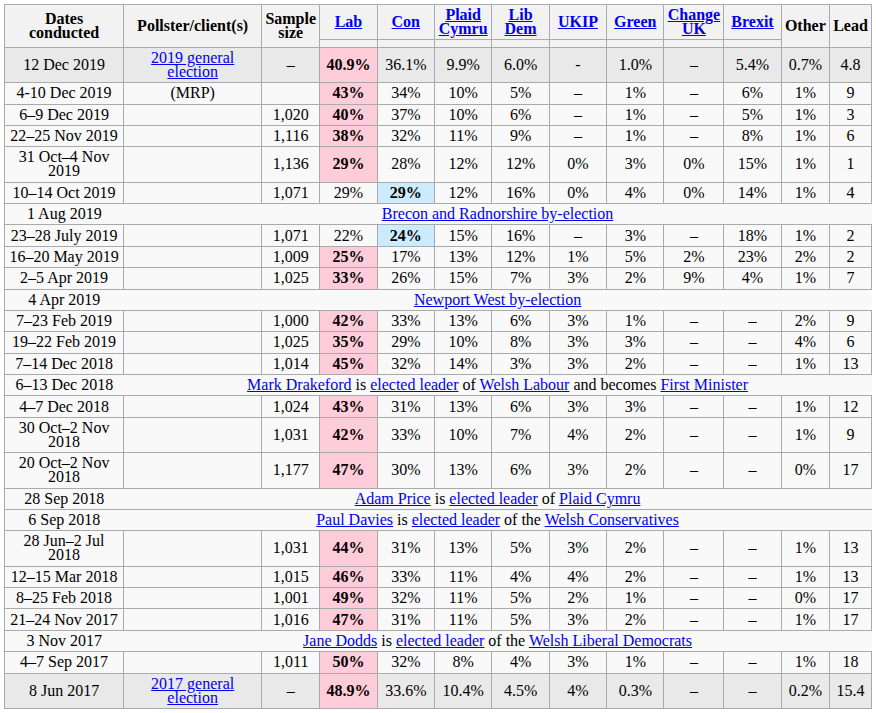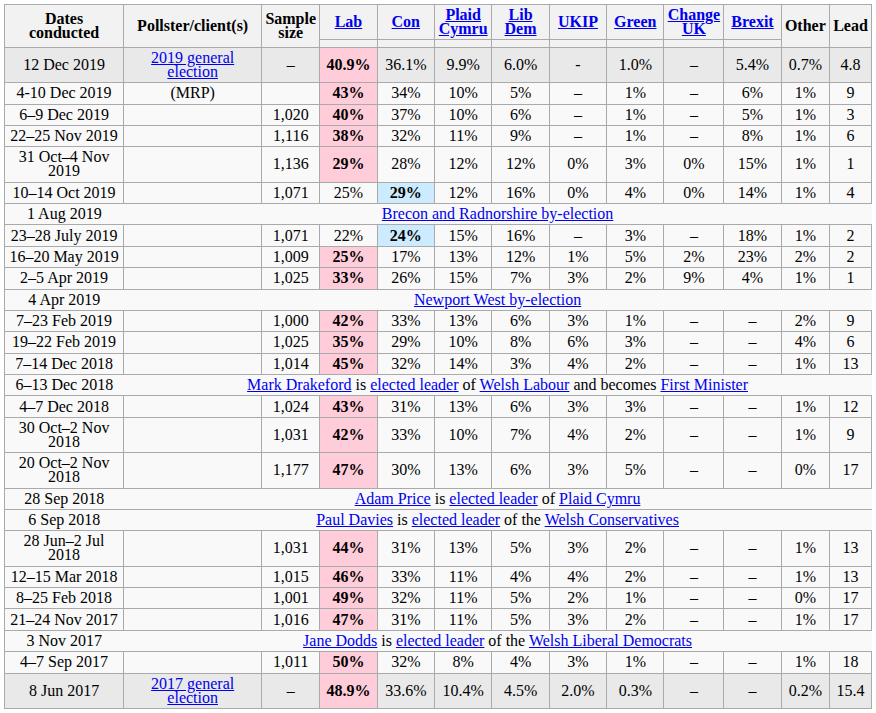 <table class="wikitable sortable mw-datatable" style="text-align:center;line-height:14px;">
 <tr>
 <th rowspan="2">Dates<br>conducted</th>
 <th rowspan="2">Pollster/client(s)</th>
 <th data-sort-type="number" rowspan="2">Sample<br>size</th>
 <th class="unsortable" style="width:50px;"><a href='#'>Lab</a></th>
 <th class="unsortable" style="width:50px;"><a href='#'>Con</a></th>
 <th class="unsortable" style="width:50px;"><a href='#'>Plaid Cymru</a></th>
 <th class="unsortable" style="width:50px;"><a href='#'>Lib Dem</a></th>
 <th class="unsortable" style="width:50px;"><a href='#'>UKIP</a></th>
 <th class="unsortable" style="width:50px;"><a href='#'>Green</a></th>
 <th class="unsortable" style="width:50px;"><a href='#'>Change UK</a></th>
 <th class="unsortable" style="width:50px;"><a href='#'>Brexit</a></th>
 <th class="unsortable" rowspan="2">Other</th>
 <th data-sort-type="number" rowspan="2">Lead</th>
 </tr>
 <tr>
 <th data-sort-type="number" style="background:"></th>
 <th data-sort-type="number" style="background:"></th>
 <th data-sort-type="number" style="background:"></th>
 <th data-sort-type="number" style="background:"></th>
 <th data-sort-type="number" style="background:"></th>
 <th data-sort-type="number" style="background:"></th>
 <th data-sort-type="number" style="background:"></th>
 <th data-sort-type="number" style="background:"></th>
 </tr>
 <tr style="background:#E9E9E9;">
 <td data-sort-value="2019-12-12">12 Dec 2019</td>
 <td><a href='#'>2019 general election</a></td>
 <td>–</td>
 <td style="background:#FFCCD9;"><strong>40.9%</strong></td>
 <td>36.1%</td>
 <td>9.9%</td>
 <td>6.0%</td>
 <td>-</td>
 <td>1.0%</td>
 <td>–</td>
 <td>5.4%</td>
 <td>0.7%</td>
 <td style="background:">4.8</td>
 </tr>
 <tr>
 <td data-sort-value="2019-12-10">4-10 Dec 2019</td>
 <td> (MRP)</td>
 <td></td>
 <td style="background:#FFCCD9;"><strong>43%</strong></td>
 <td>34%</td>
 <td>10%</td>
 <td>5%</td>
 <td>–</td>
 <td>1%</td>
 <td>–</td>
 <td>6%</td>
 <td>1%</td>
 <td style="background:">9</td>
 </tr>
 <tr>
 <td data-sort-value="2019-11-25">6–9 Dec 2019</td>
 <td></td>
 <td>1,020</td>
 <td style="background:#FFCCD9;"><strong>40%</strong></td>
 <td>37%</td>
 <td>10%</td>
 <td>6%</td>
 <td>–</td>
 <td>1%</td>
 <td>–</td>
 <td>5%</td>
 <td>1%</td>
 <td style="background:">3</td>
 </tr>
 <tr>
 <td data-sort-value="2019-11-25">22–25 Nov 2019</td>
 <td></td>
 <td>1,116</td>
 <td style="background:#FFCCD9;"><strong>38%</strong></td>
 <td>32%</td>
 <td>11%</td>
 <td>9%</td>
 <td>–</td>
 <td>1%</td>
 <td>–</td>
 <td>8%</td>
 <td>1%</td>
 <td style="background:">6</td>
 </tr>
 <tr>
 <td data-sort-value="2019-11-04">31 Oct–4 Nov 2019</td>
 <td></td>
 <td>1,136</td>
 <td style="background:#FFCCD9;"><strong>29%</strong></td>
 <td>28%</td>
 <td>12%</td>
 <td>12%</td>
 <td>0%</td>
 <td>3%</td>
 <td>0%</td>
 <td>15%</td>
 <td>1%</td>
 <td style="background:">1</td>
 </tr>
 <tr>
 <td data-sort-value="2019-10-14">10–14 Oct 2019</td>
 <td></td>
 <td>1,071</td>
-<td>29%</td>
+<td>25%</td>
 <td style="background:#CCEBFF;"><strong>29%</strong></td>
 <td>12%</td>
 <td>16%</td>
 <td>0%</td>
 <td>4%</td>
 <td>0%</td>
 <td>14%</td>
 <td>1%</td>
 <td style="background:">4</td>
 </tr>
 <tr>
 <td style="border-right-style:hidden;" data-sort-value="2019-08-01">1 Aug 2019</td>
 <td colspan="12" style="border-right-style:hidden;"><a href='#'>Brecon and Radnorshire by-election</a></td>
 </tr>
 <tr>
 <td data-sort-value="2019-07-28">23–28 July 2019</td>
 <td></td>
 <td>1,071</td>
 <td>22%</td>
 <td style="background:#CCEBFF;"><strong>24%</strong></td>
 <td>15%</td>
 <td>16%</td>
 <td>–</td>
 <td>3%</td>
 <td>–</td>
 <td>18%</td>
 <td>1%</td>
 <td style="background:">2</td>
 </tr>
 <tr>
 <td data-sort-value="2019-05-20">16–20 May 2019</td>
 <td></td>
 <td>1,009</td>
 <td style="background:#FFCCD9;"><strong>25%</strong></td>
 <td>17%</td>
 <td>13%</td>
 <td>12%</td>
 <td>1%</td>
 <td>5%</td>
 <td>2%</td>
 <td>23%</td>
 <td>2%</td>
 <td style="background:">2</td>
 </tr>
 <tr>
 <td data-sort-value="2019-04-05">2–5 Apr 2019</td>
 <td></td>
 <td>1,025</td>
 <td style="background:#FFCCD9;"><strong>33%</strong></td>
 <td>26%</td>
 <td>15%</td>
 <td>7%</td>
 <td>3%</td>
 <td>2%</td>
 <td>9%</td>
 <td>4%</td>
 <td>1%</td>
-<td style="background:">7</td>
+<td style="background:">1</td>
 </tr>
 <tr>
 <td style="border-right-style:hidden;" data-sort-value="2019-04-04">4 Apr 2019</td>
 <td colspan="12" style="border-right-style:hidden;"><a href='#'>Newport West by-election</a></td>
 </tr>
 <tr>
 <td data-sort-value="2019-02-23">7–23 Feb 2019</td>
 <td></td>
 <td>1,000</td>
 <td style="background:#FFCCD9;"><strong>42%</strong></td>
 <td>33%</td>
 <td>13%</td>
 <td>6%</td>
 <td>3%</td>
 <td>1%</td>
 <td>–</td>
 <td>–</td>
 <td>2%</td>
 <td style="background:">9</td>
 </tr>
 <tr>
 <td data-sort-value="2019-02-22">19–22 Feb 2019</td>
 <td></td>
 <td>1,025</td>
 <td style="background:#FFCCD9;"><strong>35%</strong></td>
 <td>29%</td>
 <td>10%</td>
 <td>8%</td>
-<td>3%</td>
+<td>6%</td>
 <td>3%</td>
 <td>–</td>
 <td>–</td>
 <td>4%</td>
 <td style="background:">6</td>
 </tr>
 <tr>
 <td data-sort-value="2018-12-14">7–14 Dec 2018</td>
 <td></td>
 <td>1,014</td>
 <td style="background:#FFCCD9;"><strong>45%</strong></td>
 <td>32%</td>
 <td>14%</td>
 <td>3%</td>
-<td>3%</td>
+<td>4%</td>
 <td>2%</td>
 <td>–</td>
 <td>–</td>
 <td>1%</td>
 <td style="background:">13</td>
 </tr>
 <tr>
 <td style="border-right-style:hidden;" data-sort-value="2018-12-13">6–13 Dec 2018</td>
 <td colspan="12" style="border-right-style:hidden;"><a href='#'>Mark Drakeford</a> is <a href='#'>elected leader</a> of <a href='#'>Welsh Labour</a> and becomes <a href='#'>First Minister</a></td>
 </tr>
 <tr>
 <td data-sort-value="2018-12-07">4–7 Dec 2018</td>
 <td></td>
 <td>1,024</td>
 <td style="background:#FFCCD9;"><strong>43%</strong></td>
 <td>31%</td>
 <td>13%</td>
 <td>6%</td>
 <td>3%</td>
 <td>3%</td>
 <td>–</td>
 <td>–</td>
 <td>1%</td>
 <td style="background:">12</td>
 </tr>
 <tr>
 <td data-sort-value="2018-11-02">30 Oct–2 Nov 2018</td>
 <td></td>
 <td>1,031</td>
 <td style="background:#FFCCD9;"><strong>42%</strong></td>
 <td>33%</td>
 <td>10%</td>
 <td>7%</td>
 <td>4%</td>
 <td>2%</td>
 <td>–</td>
 <td>–</td>
 <td>1%</td>
 <td style="background:">9</td>
 </tr>
 <tr>
 <td data-sort-value="2018-11-02">20 Oct–2 Nov 2018</td>
 <td></td>
 <td>1,177</td>
 <td style="background:#FFCCD9;"><strong>47%</strong></td>
 <td>30%</td>
 <td>13%</td>
 <td>6%</td>
 <td>3%</td>
-<td>2%</td>
+<td>5%</td>
 <td>–</td>
 <td>–</td>
 <td>0%</td>
 <td style="background:">17</td>
 </tr>
 <tr>
 <td style="border-right-style:hidden;" data-sort-value="2018-09-28">28 Sep 2018</td>
 <td colspan="12" style="border-right-style:hidden;"><a href='#'>Adam Price</a> is <a href='#'>elected leader</a> of <a href='#'>Plaid Cymru</a></td>
 </tr>
 <tr>
 <td style="border-right-style:hidden;" data-sort-value="2018-09-06">6 Sep 2018</td>
 <td colspan="12" style="border-right-style:hidden;"><a href='#'>Paul Davies</a> is <a href='#'>elected leader</a> of the <a href='#'>Welsh Conservatives</a></td>
 </tr>
 <tr>
 <td data-sort-value="2018-07-02">28 Jun–2 Jul 2018</td>
 <td></td>
 <td>1,031</td>
 <td style="background:#FFCCD9;"><strong>44%</strong></td>
 <td>31%</td>
 <td>13%</td>
 <td>5%</td>
 <td>3%</td>
 <td>2%</td>
 <td>–</td>
 <td>–</td>
 <td>1%</td>
 <td style="background:">13</td>
 </tr>
 <tr>
 <td data-sort-value="2018-03-15">12–15 Mar 2018</td>
 <td></td>
 <td>1,015</td>
 <td style="background:#FFCCD9;"><strong>46%</strong></td>
 <td>33%</td>
 <td>11%</td>
 <td>4%</td>
 <td>4%</td>
 <td>2%</td>
 <td>–</td>
 <td>–</td>
 <td>1%</td>
 <td style="background:">13</td>
 </tr>
 <tr>
 <td data-sort-value="2018-02-25">8–25 Feb 2018</td>
 <td></td>
 <td>1,001</td>
 <td style="background:#FFCCD9;"><strong>49%</strong></td>
 <td>32%</td>
 <td>11%</td>
 <td>5%</td>
 <td>2%</td>
 <td>1%</td>
 <td>–</td>
 <td>–</td>
 <td>0%</td>
 <td style="background:">17</td>
 </tr>
 <tr>
 <td data-sort-value="2017-11-24">21–24 Nov 2017</td>
 <td></td>
 <td>1,016</td>
 <td style="background:#FFCCD9;"><strong>47%</strong></td>
 <td>31%</td>
 <td>11%</td>
 <td>5%</td>
 <td>3%</td>
 <td>2%</td>
 <td>–</td>
 <td>–</td>
 <td>1%</td>
 <td style="background:">17</td>
 </tr>
 <tr>
 <td style="border-right-style:hidden;" data-sort-value="2017-11-03">3 Nov 2017</td>
 <td colspan="12" style="border-right-style:hidden;"><a href='#'>Jane Dodds</a> is <a href='#'>elected leader</a> of the <a href='#'>Welsh Liberal Democrats</a></td>
 </tr>
 <tr>
 <td data-sort-value="2017-09-07">4–7 Sep 2017</td>
 <td></td>
 <td>1,011</td>
 <td style="background:#FFCCD9;"><strong>50%</strong></td>
 <td>32%</td>
 <td>8%</td>
 <td>4%</td>
 <td>3%</td>
 <td>1%</td>
 <td>–</td>
 <td>–</td>
 <td>1%</td>
 <td style="background:">18</td>
 </tr>
 <tr style="background:#E9E9E9;">
 <td data-sort-value="2017-06-08">8 Jun 2017</td>
 <td><a href='#'>2017 general election</a></td>
 <td>–</td>
 <td style="background:#FFCCD9;"><strong>48.9%</strong></td>
 <td>33.6%</td>
 <td>10.4%</td>
 <td>4.5%</td>
-<td>4%</td>
+<td>2.0%</td>
 <td>0.3%</td>
 <td>–</td>
 <td>–</td>
 <td>0.2%</td>
 <td style="background:">15.4</td>
 </tr>
 </table>
